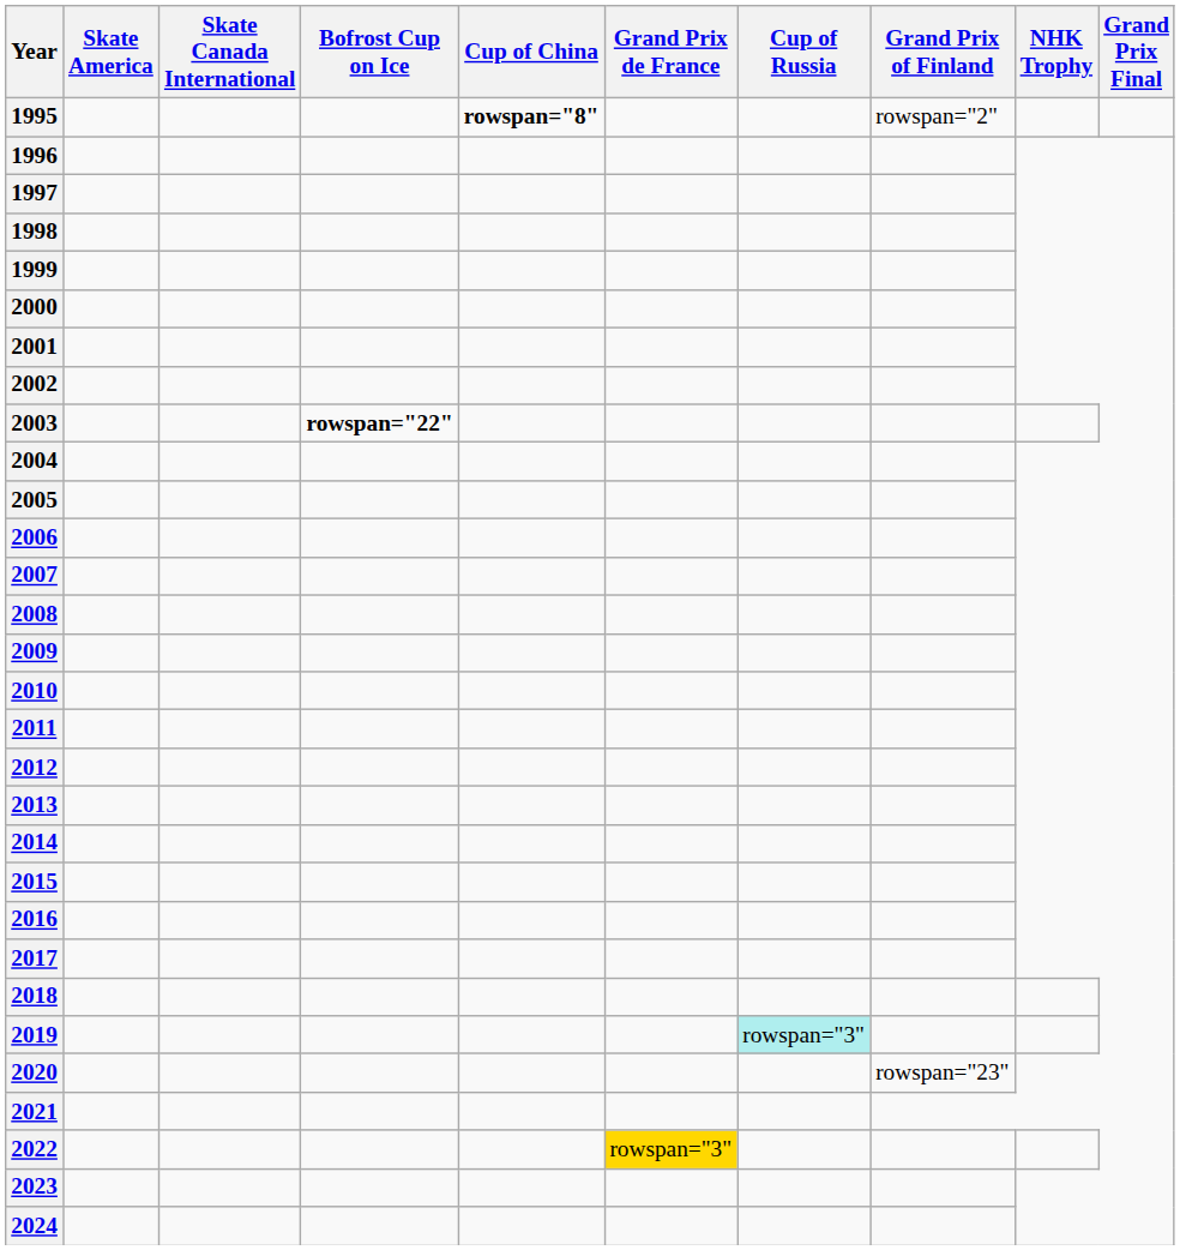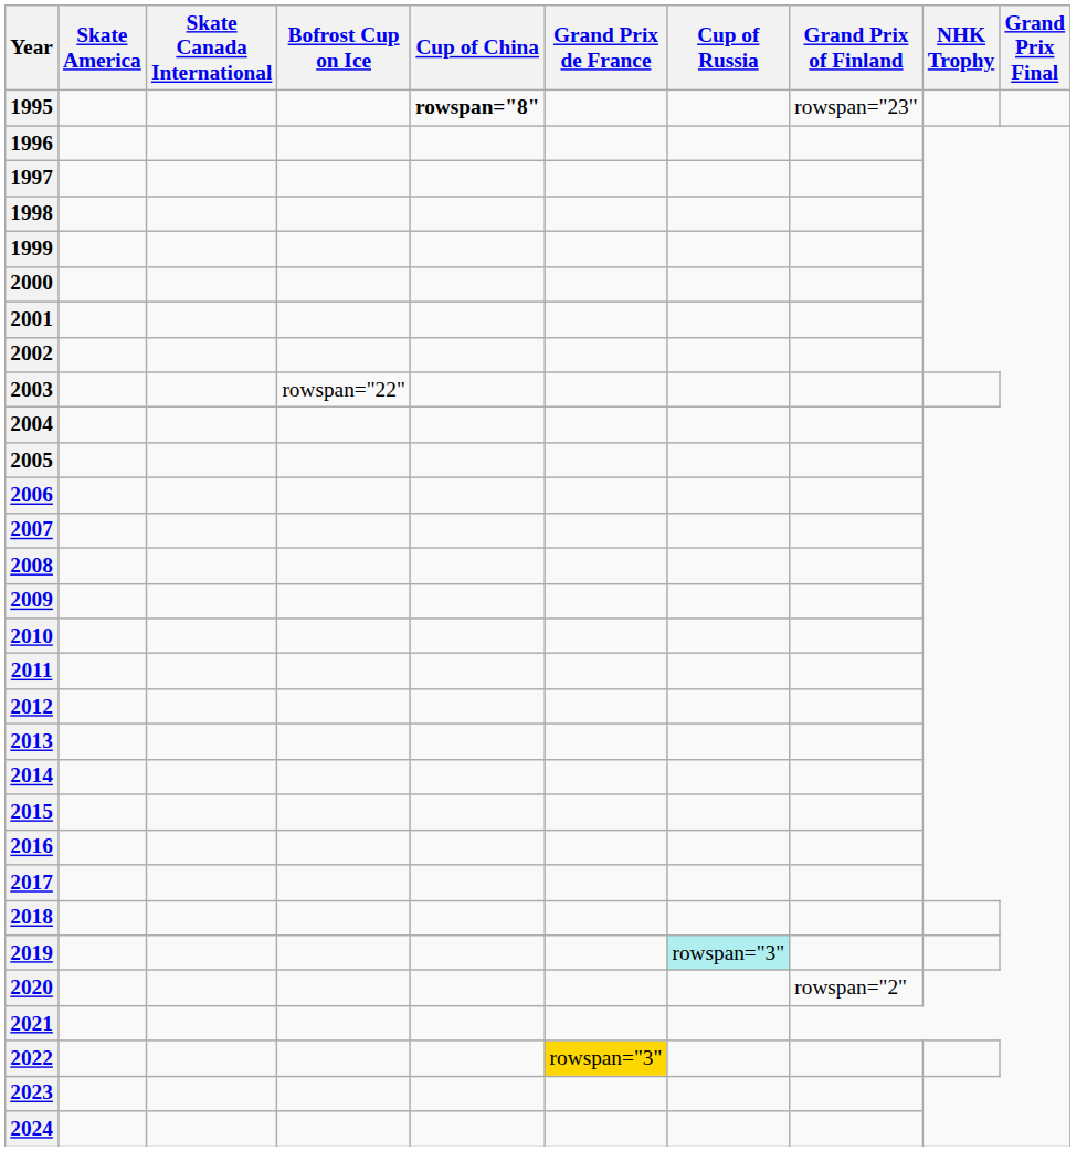 <table class="wikitable unsortable" style="font-size:85%; width:100%">
 <tr>
 <th scope="col">Year</th>
 <th scope="col"><a href='#'>Skate America</a></th>
 <th scope="col"><a href='#'>Skate Canada International</a></th>
 <th scope="col"><a href='#'>Bofrost Cup on Ice</a></th>
 <th scope="col"><a href='#'>Cup of China</a></th>
 <th scope="col"><a href='#'>Grand Prix de France</a></th>
 <th scope="col"><a href='#'>Cup of Russia</a></th>
 <th scope="col"><a href='#'>Grand Prix of Finland</a></th>
 <th scope="col"><a href='#'>NHK Trophy</a></th>
 <th scope="col"><a href='#'>Grand Prix Final</a></th>
 </tr>
 <tr>
 <th scope="row">1995</th>
 <td></td>
 <td></td>
 <td></td>
 <td><strong>rowspan="8" </strong></td>
 <td></td>
 <td></td>
-<td>rowspan="2" </td>
+<td>rowspan="23" </td>
 <td></td>
 <td></td>
 </tr>
 <tr>
 <th scope="row">1996</th>
 <td></td>
 <td></td>
 <td></td>
 <td></td>
 <td></td>
 <td></td>
 <td></td>
 </tr>
 <tr>
 <th scope="row">1997</th>
 <td></td>
 <td></td>
 <td></td>
 <td></td>
 <td></td>
 <td></td>
 <td></td>
 </tr>
 <tr>
 <th scope="row">1998</th>
 <td></td>
 <td></td>
 <td></td>
 <td></td>
 <td></td>
 <td></td>
 <td></td>
 </tr>
 <tr>
 <th scope="row">1999</th>
 <td></td>
 <td></td>
 <td></td>
 <td></td>
 <td></td>
 <td></td>
 <td></td>
 </tr>
 <tr>
 <th scope="row">2000</th>
 <td></td>
 <td></td>
 <td></td>
 <td></td>
 <td></td>
 <td></td>
 <td></td>
 </tr>
 <tr>
 <th scope="row">2001</th>
 <td></td>
 <td></td>
 <td></td>
 <td></td>
 <td></td>
 <td></td>
 <td></td>
 </tr>
 <tr>
 <th scope="row">2002</th>
 <td></td>
 <td></td>
 <td></td>
 <td></td>
 <td></td>
 <td></td>
 <td></td>
 </tr>
 <tr>
 <th scope="row">2003</th>
 <td></td>
 <td></td>
-<td><strong>rowspan="22" </strong></td>
+<td>rowspan="22" </td>
 <td></td>
 <td></td>
 <td></td>
 <td></td>
 <td></td>
 </tr>
 <tr>
 <th scope="row">2004</th>
 <td></td>
 <td></td>
 <td></td>
 <td></td>
 <td></td>
 <td></td>
 <td></td>
 </tr>
 <tr>
 <th scope="row">2005</th>
 <td></td>
 <td></td>
 <td></td>
 <td></td>
 <td></td>
 <td></td>
 <td></td>
 </tr>
 <tr>
 <th scope="row"><a href='#'>2006</a></th>
 <td></td>
 <td></td>
 <td></td>
 <td></td>
 <td></td>
 <td></td>
 <td></td>
 </tr>
 <tr>
 <th scope="row"><a href='#'>2007</a></th>
 <td></td>
 <td></td>
 <td></td>
 <td></td>
 <td></td>
 <td></td>
 <td></td>
 </tr>
 <tr>
 <th scope="row"><a href='#'>2008</a></th>
 <td></td>
 <td></td>
 <td></td>
 <td></td>
 <td></td>
 <td></td>
 <td></td>
 </tr>
 <tr>
 <th scope="row"><a href='#'>2009</a></th>
 <td></td>
 <td></td>
 <td></td>
 <td></td>
 <td></td>
 <td></td>
 <td></td>
 </tr>
 <tr>
 <th scope="row"><a href='#'>2010</a></th>
 <td></td>
 <td></td>
 <td></td>
 <td></td>
 <td></td>
 <td></td>
 <td></td>
 </tr>
 <tr>
 <th scope="row"><a href='#'>2011</a></th>
 <td></td>
 <td></td>
 <td></td>
 <td></td>
 <td></td>
 <td></td>
 <td></td>
 </tr>
 <tr>
 <th scope="row"><a href='#'>2012</a></th>
 <td></td>
 <td></td>
 <td></td>
 <td></td>
 <td></td>
 <td></td>
 <td></td>
 </tr>
 <tr>
 <th scope="row"><a href='#'>2013</a></th>
 <td></td>
 <td></td>
 <td></td>
 <td></td>
 <td></td>
 <td></td>
 <td></td>
 </tr>
 <tr>
 <th scope="row"><a href='#'>2014</a></th>
 <td></td>
 <td></td>
 <td></td>
 <td></td>
 <td></td>
 <td></td>
 <td></td>
 </tr>
 <tr>
 <th scope="row"><a href='#'>2015</a></th>
 <td></td>
 <td></td>
 <td></td>
 <td></td>
 <td></td>
 <td></td>
 <td></td>
 </tr>
 <tr>
 <th scope="row"><a href='#'>2016</a></th>
 <td></td>
 <td></td>
 <td></td>
 <td></td>
 <td></td>
 <td></td>
 <td></td>
 </tr>
 <tr>
 <th scope="row"><a href='#'>2017</a></th>
 <td></td>
 <td></td>
 <td></td>
 <td></td>
 <td></td>
 <td></td>
 <td></td>
 </tr>
 <tr>
 <th scope="row"><a href='#'>2018</a></th>
 <td></td>
 <td></td>
 <td></td>
 <td></td>
 <td></td>
 <td></td>
 <td></td>
 <td></td>
 </tr>
 <tr>
 <th scope="row"><a href='#'>2019</a></th>
 <td></td>
 <td></td>
 <td></td>
 <td></td>
 <td></td>
 <td style="background: paleturquoise;">rowspan="3" </td>
 <td></td>
 <td></td>
 </tr>
 <tr>
 <th scope="row"><a href='#'>2020</a></th>
 <td></td>
 <td></td>
 <td></td>
 <td></td>
 <td></td>
 <td></td>
-<td>rowspan="23" </td>
+<td>rowspan="2" </td>
 </tr>
 <tr>
 <th scope="row"><a href='#'>2021</a></th>
 <td></td>
 <td></td>
 <td></td>
 <td></td>
 <td></td>
 <td></td>
 </tr>
 <tr>
 <th scope="row"><a href='#'>2022</a></th>
 <td></td>
 <td></td>
 <td></td>
 <td></td>
 <td style="background: gold;">rowspan="3" </td>
 <td></td>
 <td></td>
 <td></td>
 </tr>
 <tr>
 <th scope="row"><a href='#'>2023</a></th>
 <td></td>
 <td></td>
 <td></td>
 <td></td>
 <td></td>
 <td></td>
 <td></td>
 </tr>
 <tr>
 <th scope="row"><a href='#'>2024</a></th>
 <td></td>
 <td></td>
 <td></td>
 <td></td>
 <td></td>
 <td></td>
 <td></td>
 </tr>
 </table>
